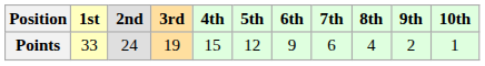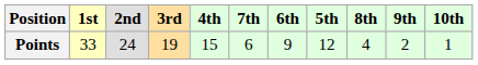 <table class="wikitable" style="font-size:85%; text-align:center">
 <tr>
 <th>Position</th>
 <td style="background:#ffffbf;”"> <strong>1st</strong> </td>
 <td style="background:#dfdfdf;”"> <strong>2nd</strong> </td>
 <td style="background:#ffdf9f;”"> <strong>3rd</strong> </td>
 <td style="background:#dfffdf;”"> <strong>4th</strong> </td>
+<td style="background:#dfffdf;”"> <strong>7th</strong> </td>
+<td style="background:#dfffdf;”"> <strong>6th</strong> </td>
 <td style="background:#dfffdf;”"> <strong>5th</strong> </td>
-<td style="background:#dfffdf;”"> <strong>6th</strong> </td>
-<td style="background:#dfffdf;”"> <strong>7th</strong> </td>
 <td style="background:#dfffdf;”"> <strong>8th</strong> </td>
 <td style="background:#dfffdf;”"> <strong>9th</strong> </td>
 <td style="background:#dfffdf;”"> <strong>10th</strong> </td>
 </tr>
 <tr>
 <th>Points</th>
 <td style="background:#ffffbf;”">33</td>
 <td style="background:#dfdfdf;”">24</td>
 <td style="background:#ffdf9f;”">19</td>
 <td style="background:#dfffdf;”">15</td>
+<td style="background:#dfffdf;”">6</td>
+<td style="background:#dfffdf;”">9</td>
 <td style="background:#dfffdf;”">12</td>
-<td style="background:#dfffdf;”">9</td>
-<td style="background:#dfffdf;”">6</td>
 <td style="background:#dfffdf;”">4</td>
 <td style="background:#dfffdf;”">2</td>
 <td style="background:#dfffdf;”">1</td>
 </tr>
 </table>
